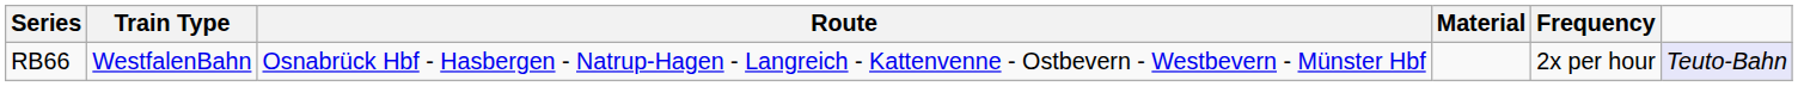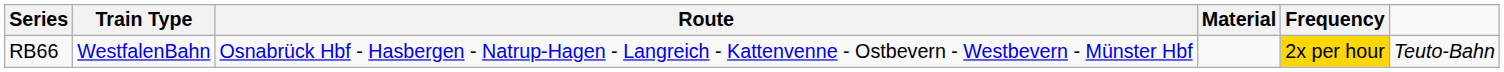 <table class="wikitable vatop">
 <tr>
 <th>Series</th>
 <th>Train Type</th>
 <th>Route</th>
 <th>Material</th>
 <th>Frequency</th>
 </tr>
 <tr>
 <td>RB66</td>
 <td><a href='#'>WestfalenBahn</a></td>
 <td><a href='#'>Osnabrück Hbf</a> - <a href='#'>Hasbergen</a> - <a href='#'>Natrup-Hagen</a> - <a href='#'>Langreich</a> - <a href='#'>Kattenvenne</a> - Ostbevern - <a href='#'>Westbevern</a> - <a href='#'>Münster Hbf</a></td>
 <td></td>
-<td>2x per hour</td>
-<td style="background: lavender;"><em>Teuto-Bahn</em></td>
+<td style="background: gold;">2x per hour</td>
+<td><em>Teuto-Bahn</em></td>
 </tr>
 </table>
